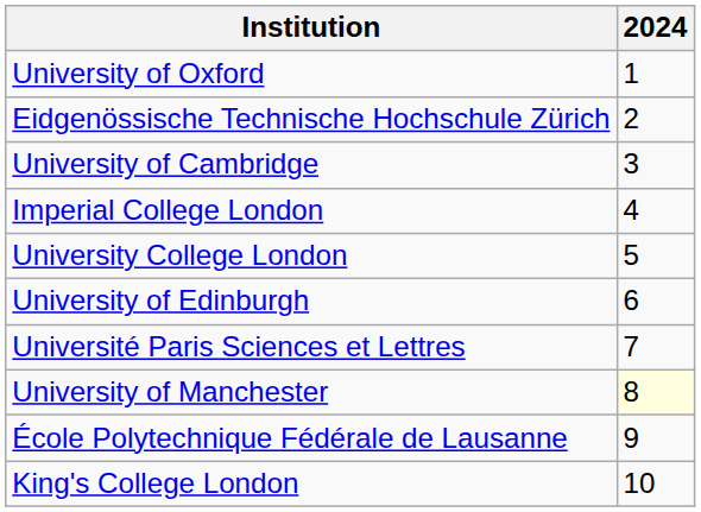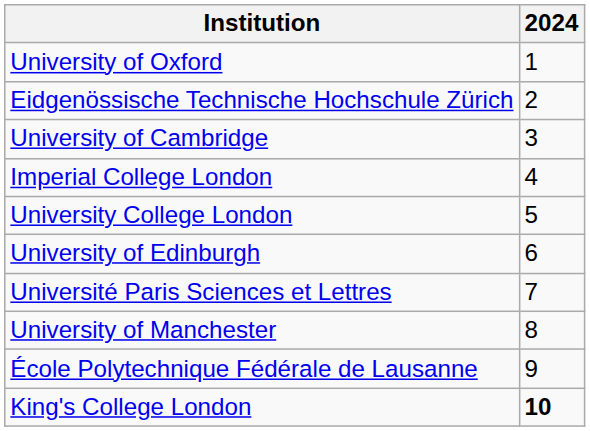 <table class="wikitable sortable">
 <tr>
 <th>Institution</th>
 <th>2024</th>
 </tr>
 <tr>
 <td> <a href='#'>University of Oxford</a></td>
 <td>1</td>
 </tr>
 <tr>
 <td> <a href='#'>Eidgenössische Technische Hochschule Zürich</a></td>
 <td>2</td>
 </tr>
 <tr>
 <td> <a href='#'>University of Cambridge</a></td>
 <td>3</td>
 </tr>
 <tr>
 <td> <a href='#'>Imperial College London</a></td>
 <td>4</td>
 </tr>
 <tr>
 <td> <a href='#'>University College London</a></td>
 <td>5</td>
 </tr>
 <tr>
 <td> <a href='#'>University of Edinburgh</a></td>
 <td>6</td>
 </tr>
 <tr>
 <td> <a href='#'>Université Paris Sciences et Lettres</a></td>
 <td>7</td>
 </tr>
 <tr>
 <td> <a href='#'>University of Manchester</a></td>
-<td style="background: lightyellow;">8</td>
+<td>8</td>
 </tr>
 <tr>
 <td> <a href='#'>École Polytechnique Fédérale de Lausanne</a></td>
 <td>9</td>
 </tr>
 <tr>
 <td> <a href='#'>King's College London</a></td>
-<td>10</td>
+<td><strong>10</strong></td>
 </tr>
 </table>
